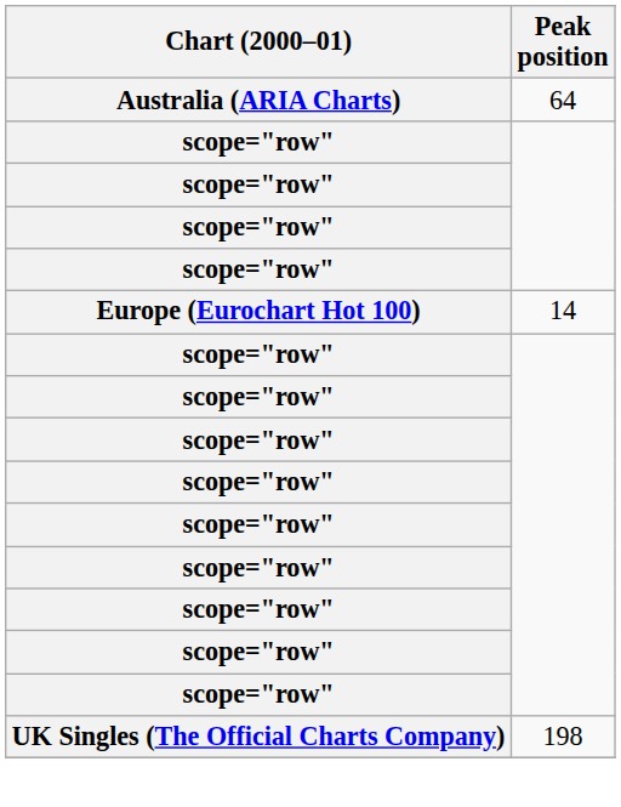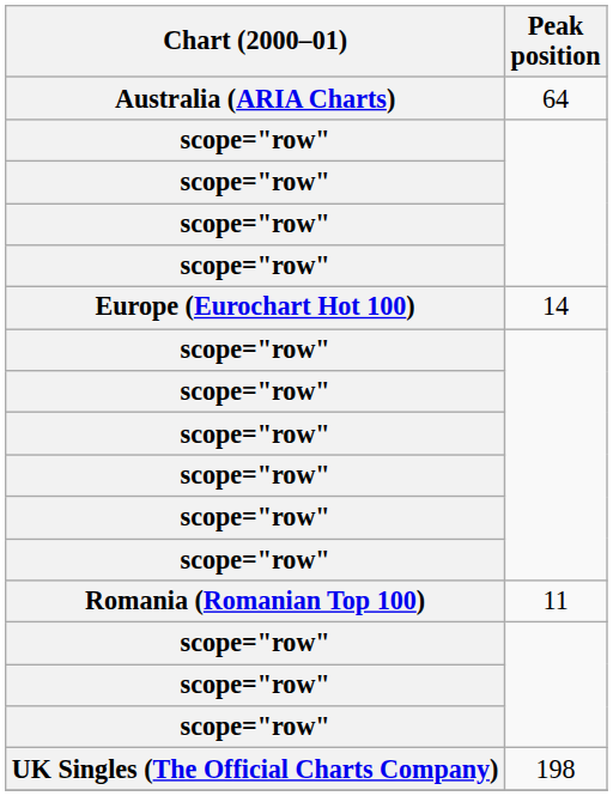 <table class="wikitable sortable plainrowheaders">
 <tr>
 <th>Chart (2000–01)</th>
 <th>Peak<br>position</th>
 </tr>
 <tr>
 <th scope="row">Australia (<a href='#'>ARIA Charts</a>)</th>
 <td align="center">64</td>
 </tr>
 <tr>
 <th>scope="row"</th>
 </tr>
 <tr>
 <th>scope="row"</th>
 </tr>
 <tr>
 <th>scope="row"</th>
 </tr>
 <tr>
 <th>scope="row"</th>
 </tr>
 <tr>
 <th scope="row">Europe (<a href='#'>Eurochart Hot 100</a>)</th>
 <td align="center">14</td>
 </tr>
 <tr>
 <th>scope="row"</th>
 </tr>
 <tr>
 <th>scope="row"</th>
 </tr>
 <tr>
 <th>scope="row"</th>
 </tr>
 <tr>
 <th>scope="row"</th>
 </tr>
 <tr>
 <th>scope="row"</th>
 </tr>
 <tr>
 <th>scope="row"</th>
 </tr>
 <tr>
+<th scope="row">Romania (<a href='#'>Romanian Top 100</a>)</th>
+<td align="center">11</td>
+</tr>
+<tr>
 <th>scope="row"</th>
 </tr>
 <tr>
 <th>scope="row"</th>
 </tr>
 <tr>
 <th>scope="row"</th>
 </tr>
 <tr>
 <th scope="row">UK Singles (<a href='#'>The Official Charts Company</a>)</th>
 <td align="center">198</td>
 </tr>
 <tr>
 </tr>
 </table>
